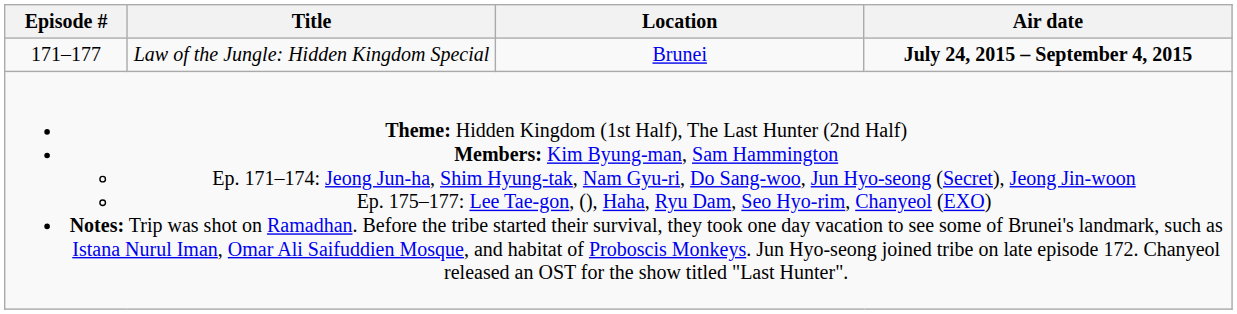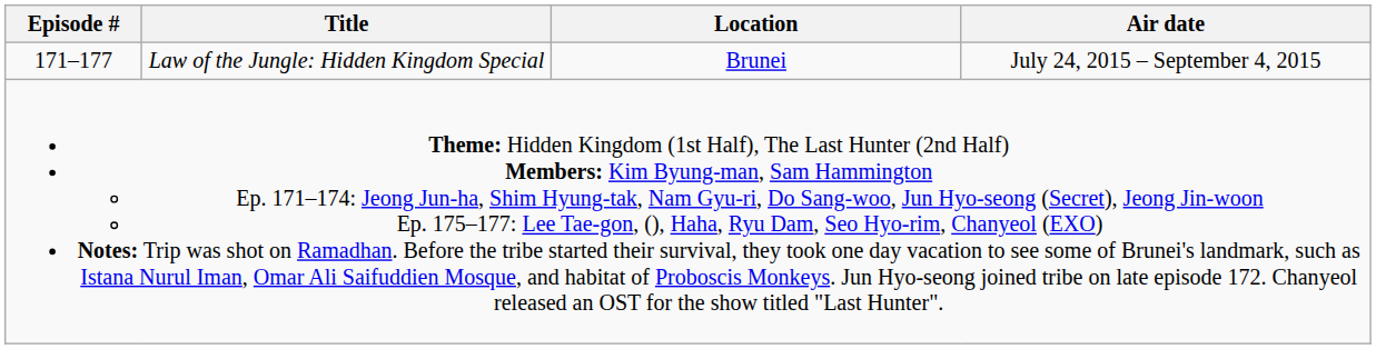 <table class="wikitable" style="text-align:center; font-size:90%; width:100%;">
 <tr>
 <th width="10%">Episode #</th>
 <th width="30%">Title</th>
 <th width="30%">Location</th>
 <th width="30%">Air date</th>
 </tr>
 <tr>
 <td>171–177</td>
 <td><em>Law of the Jungle: Hidden Kingdom Special</em></td>
 <td><a href='#'>Brunei</a></td>
-<td><strong>July 24, 2015 – September 4, 2015</strong></td>
+<td>July 24, 2015 – September 4, 2015</td>
 </tr>
 <tr>
 <td colspan="4"><br><ul><li><strong>Theme:</strong> Hidden Kingdom (1st Half), The Last Hunter (2nd Half)</li><li><strong>Members:</strong> <a href='#'>Kim Byung-man</a>, <a href='#'>Sam Hammington</a><ul><li>Ep. 171–174: <a href='#'>Jeong Jun-ha</a>, <a href='#'>Shim Hyung-tak</a>, <a href='#'>Nam Gyu-ri</a>, <a href='#'>Do Sang-woo</a>, <a href='#'>Jun Hyo-seong</a> (<a href='#'>Secret</a>), <a href='#'>Jeong Jin-woon</a></li><li>Ep. 175–177: <a href='#'>Lee Tae-gon</a>,  (), <a href='#'>Haha</a>, <a href='#'>Ryu Dam</a>, <a href='#'>Seo Hyo-rim</a>, <a href='#'>Chanyeol</a> (<a href='#'>EXO</a>)</li></ul></li><li><strong>Notes:</strong> Trip was shot on <a href='#'>Ramadhan</a>. Before the tribe started their survival, they took one day vacation to see some of Brunei's landmark, such as <a href='#'>Istana Nurul Iman</a>, <a href='#'>Omar Ali Saifuddien Mosque</a>, and habitat of <a href='#'>Proboscis Monkeys</a>. Jun Hyo-seong joined tribe on late episode 172. Chanyeol released an OST for the show titled "Last Hunter".</li></ul></td>
 </tr>
 </table>
